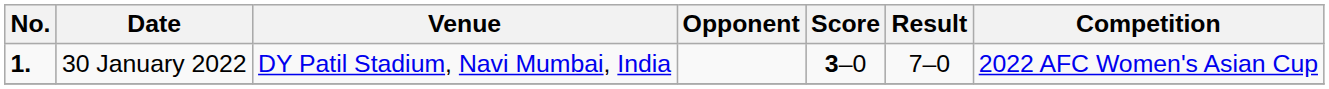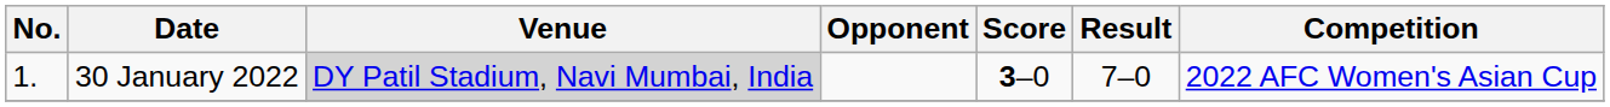 <table class="wikitable">
 <tr>
 <th>No.</th>
 <th>Date</th>
 <th>Venue</th>
 <th>Opponent</th>
 <th>Score</th>
 <th>Result</th>
 <th>Competition</th>
 </tr>
 <tr>
-<td><strong>1.</strong></td>
+<td>1.</td>
 <td>30 January 2022</td>
-<td><a href='#'>DY Patil Stadium</a>, <a href='#'>Navi Mumbai</a>, <a href='#'>India</a></td>
+<td style="background: lightgrey;"><a href='#'>DY Patil Stadium</a>, <a href='#'>Navi Mumbai</a>, <a href='#'>India</a></td>
 <td></td>
 <td align=center><strong>3</strong>–0</td>
 <td align=center>7–0</td>
 <td><a href='#'>2022 AFC Women's Asian Cup</a></td>
 </tr>
 <tr>
 </tr>
 </table>
